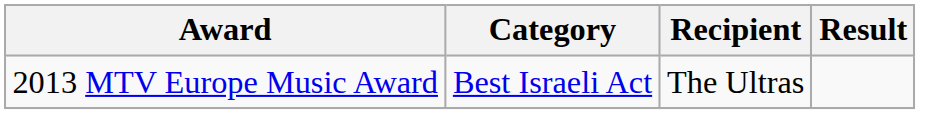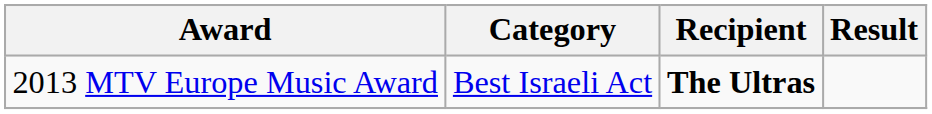 <table class=wikitable>
 <tr>
 <th>Award</th>
 <th>Category</th>
 <th>Recipient</th>
 <th>Result</th>
 </tr>
 <tr>
 <td>2013 <a href='#'>MTV Europe Music Award</a></td>
 <td><a href='#'>Best Israeli Act</a></td>
-<td>The Ultras</td>
+<td><strong>The Ultras</strong></td>
 <td></td>
 </tr>
 <tr>
 </tr>
 </table>
